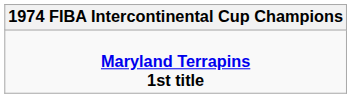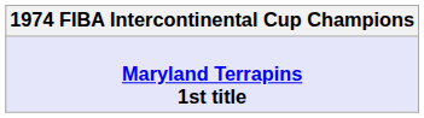 <table class=wikitable style="text-align:center; margin:auto">
 <tr>
 <th>1974 FIBA Intercontinental Cup Champions</th>
 </tr>
 <tr>
-<td><br> <strong><a href='#'>Maryland Terrapins</a></strong> <br> <strong>1st title</strong></td>
+<td style="background: lavender;"><br> <strong><a href='#'>Maryland Terrapins</a></strong> <br> <strong>1st title</strong></td>
 </tr>
 </table>
